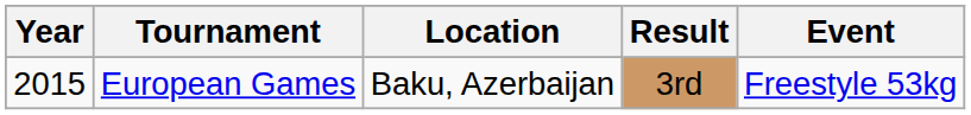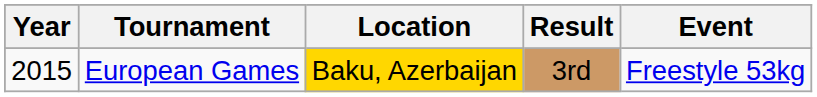 <table class="wikitable" style="font-size:95%;">
 <tr>
 <th>Year</th>
 <th>Tournament</th>
 <th>Location</th>
 <th>Result</th>
 <th>Event</th>
 </tr>
 <tr>
 <td rowspan=2>2015</td>
 <td><a href='#'>European Games</a></td>
-<td>Baku, Azerbaijan</td>
+<td style="background: gold;">Baku, Azerbaijan</td>
 <td align="center" bgcolor="cc9966">3rd</td>
 <td><a href='#'>Freestyle 53kg</a></td>
 </tr>
 </table>
